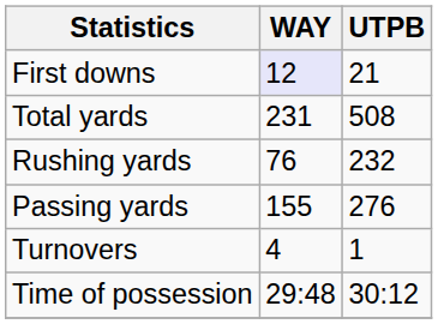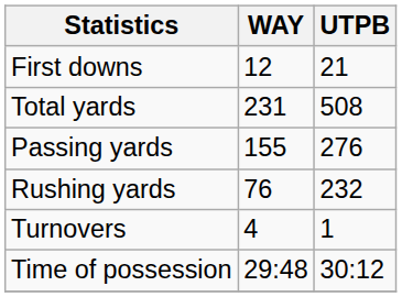 <table class="wikitable" style="float: left;">
 <tr>
 <th>Statistics</th>
 <th>WAY</th>
 <th>UTPB</th>
 </tr>
 <tr>
 <td>First downs</td>
-<td style="background: lavender;">12</td>
+<td>12</td>
 <td>21</td>
 </tr>
 <tr>
 <td>Total yards</td>
 <td>231</td>
 <td>508</td>
 </tr>
 <tr>
+<td>Passing yards</td>
+<td>155</td>
+<td>276</td>
+</tr>
+<tr>
 <td>Rushing yards</td>
 <td>76</td>
 <td>232</td>
-</tr>
-<tr>
-<td>Passing yards</td>
-<td>155</td>
-<td>276</td>
 </tr>
 <tr>
 <td>Turnovers</td>
 <td>4</td>
 <td>1</td>
 </tr>
 <tr>
 <td>Time of possession</td>
 <td>29:48</td>
 <td>30:12</td>
 </tr>
 <tr>
 </tr>
 </table>
